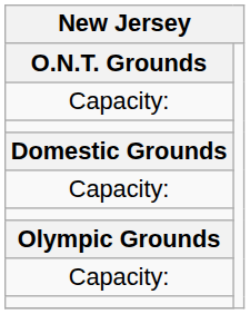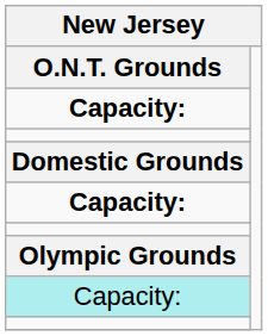 <table class="wikitable" style="text-align:center">
 <tr>
 <th colspan="3">New Jersey</th>
 </tr>
 <tr>
 <th>O.N.T. Grounds</th>
 <td rowspan=10><br></td>
 </tr>
 <tr>
-<td>Capacity:</td>
+<td><strong>Capacity:</strong></td>
 </tr>
 <tr>
 <td></td>
 </tr>
 <tr>
 <th>Domestic Grounds</th>
 </tr>
 <tr>
-<td>Capacity:</td>
+<td><strong>Capacity:</strong></td>
 </tr>
 <tr>
 <td></td>
 </tr>
 <tr>
 <th>Olympic Grounds</th>
 </tr>
 <tr>
-<td>Capacity:</td>
+<td style="background: paleturquoise;">Capacity:</td>
 </tr>
 <tr>
 <td></td>
 </tr>
 <tr>
 </tr>
 </table>
